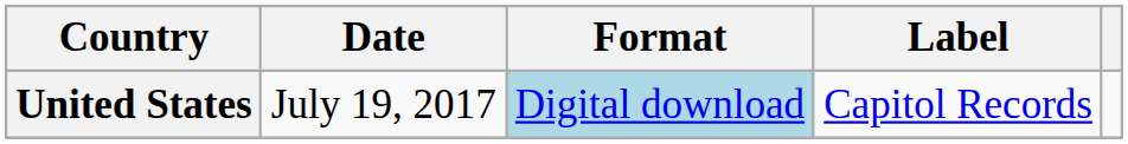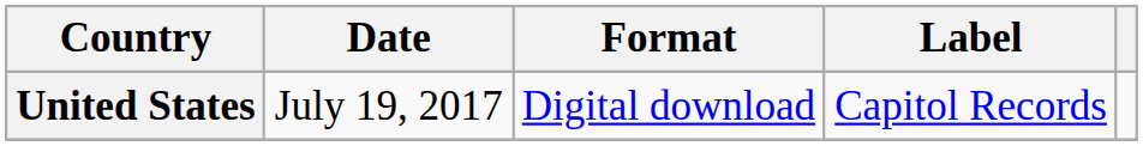 <table class="wikitable plainrowheaders">
 <tr>
 <th>Country</th>
 <th>Date</th>
 <th>Format</th>
 <th>Label</th>
 <th></th>
 </tr>
 <tr>
 <th scope="row">United States</th>
 <td>July 19, 2017</td>
-<td style="background: lightblue;"><a href='#'>Digital download</a></td>
+<td><a href='#'>Digital download</a></td>
 <td><a href='#'>Capitol Records</a></td>
 <td></td>
 </tr>
 <tr>
 </tr>
 </table>
